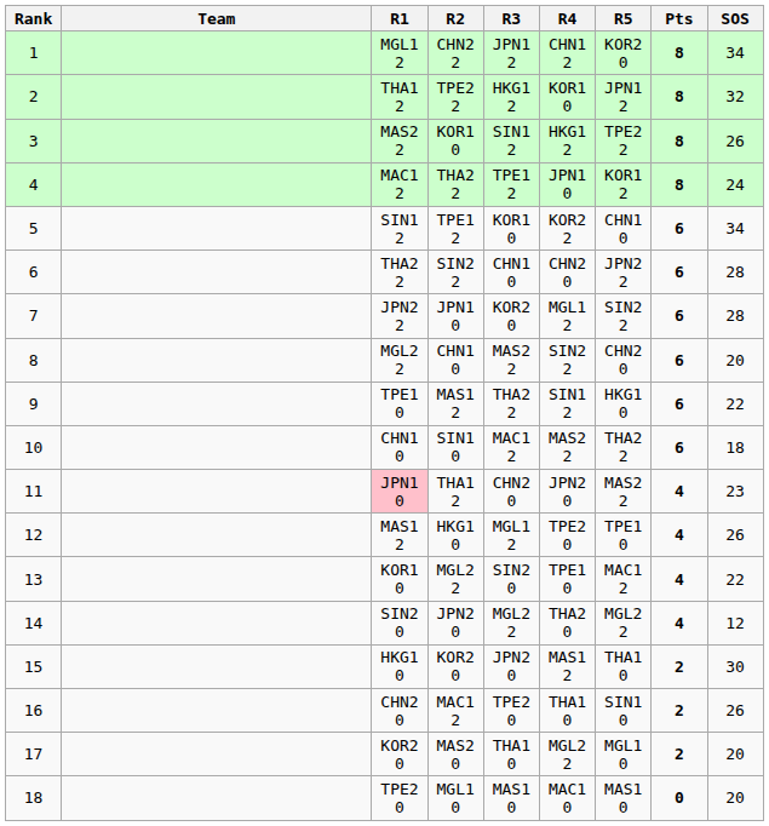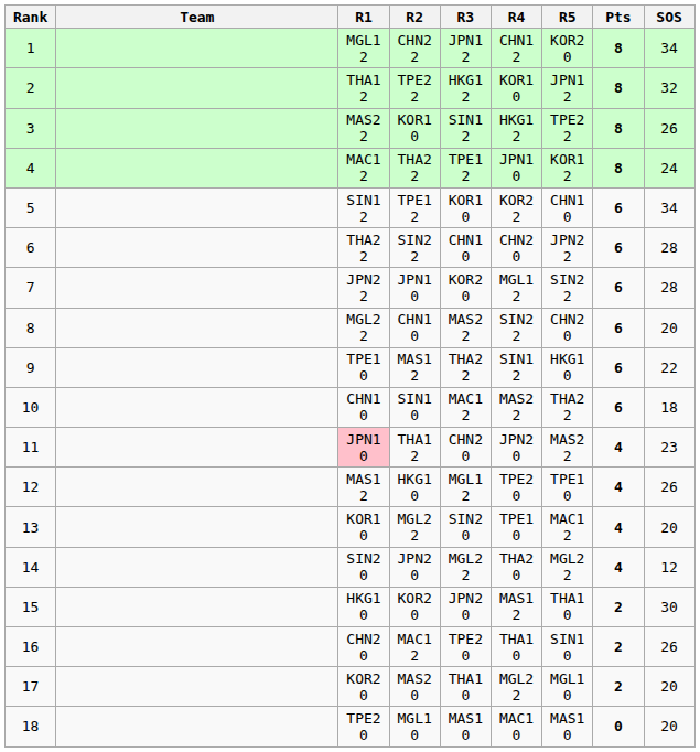 <table class=wikitable style="text-align:center">
 <tr>
 <th width=40>Rank</th>
 <th width=250>Team</th>
 <th width=40>R1</th>
 <th width=40>R2</th>
 <th width=40>R3</th>
 <th width=40>R4</th>
 <th width=40>R5</th>
 <th width=40>Pts</th>
 <th width=40>SOS</th>
 </tr>
 <tr bgcolor="ccffcc">
 <td>1</td>
 <td align=left><br></td>
 <td>MGL1<br>2</td>
 <td>CHN2<br>2</td>
 <td>JPN1<br>2</td>
 <td>CHN1<br>2</td>
 <td>KOR2<br>0</td>
 <td><strong>8</strong></td>
 <td>34</td>
 </tr>
 <tr bgcolor="ccffcc">
 <td>2</td>
 <td align=left><br></td>
 <td>THA1<br>2</td>
 <td>TPE2<br>2</td>
 <td>HKG1<br>2</td>
 <td>KOR1<br>0</td>
 <td>JPN1<br>2</td>
 <td><strong>8</strong></td>
 <td>32</td>
 </tr>
 <tr bgcolor="ccffcc">
 <td>3</td>
 <td align=left><br></td>
 <td>MAS2<br>2</td>
 <td>KOR1<br>0</td>
 <td>SIN1<br>2</td>
 <td>HKG1<br>2</td>
 <td>TPE2<br>2</td>
 <td><strong>8</strong></td>
 <td>26</td>
 </tr>
 <tr bgcolor="ccffcc">
 <td>4</td>
 <td align=left><br></td>
 <td>MAC1<br>2</td>
 <td>THA2<br>2</td>
 <td>TPE1<br>2</td>
 <td>JPN1<br>0</td>
 <td>KOR1<br>2</td>
 <td><strong>8</strong></td>
 <td>24</td>
 </tr>
 <tr>
 <td>5</td>
 <td align=left><br></td>
 <td>SIN1<br>2</td>
 <td>TPE1<br>2</td>
 <td>KOR1<br>0</td>
 <td>KOR2<br>2</td>
 <td>CHN1<br>0</td>
 <td><strong>6</strong></td>
 <td>34</td>
 </tr>
 <tr>
 <td>6</td>
 <td align=left><br></td>
 <td>THA2<br>2</td>
 <td>SIN2<br>2</td>
 <td>CHN1<br>0</td>
 <td>CHN2<br>0</td>
 <td>JPN2<br>2</td>
 <td><strong>6</strong></td>
 <td>28</td>
 </tr>
 <tr>
 <td>7</td>
 <td align=left><br></td>
 <td>JPN2<br>2</td>
 <td>JPN1<br>0</td>
 <td>KOR2<br>0</td>
 <td>MGL1<br>2</td>
 <td>SIN2<br>2</td>
 <td><strong>6</strong></td>
 <td>28</td>
 </tr>
 <tr>
 <td>8</td>
 <td align=left><br></td>
 <td>MGL2<br>2</td>
 <td>CHN1<br>0</td>
 <td>MAS2<br>2</td>
 <td>SIN2<br>2</td>
 <td>CHN2<br>0</td>
 <td><strong>6</strong></td>
 <td>20</td>
 </tr>
 <tr>
 <td>9</td>
 <td align=left><br></td>
 <td>TPE1<br>0</td>
 <td>MAS1<br>2</td>
 <td>THA2<br>2</td>
 <td>SIN1<br>2</td>
 <td>HKG1<br>0</td>
 <td><strong>6</strong></td>
 <td>22</td>
 </tr>
 <tr>
 <td>10</td>
 <td align=left><br></td>
 <td>CHN1<br>0</td>
 <td>SIN1<br>0</td>
 <td>MAC1<br>2</td>
 <td>MAS2<br>2</td>
 <td>THA2<br>2</td>
 <td><strong>6</strong></td>
 <td>18</td>
 </tr>
 <tr>
 <td>11</td>
 <td align=left><br></td>
 <td style="background: pink;">JPN1<br>0</td>
 <td>THA1<br>2</td>
 <td>CHN2<br>0</td>
 <td>JPN2<br>0</td>
 <td>MAS2<br>2</td>
 <td><strong>4</strong></td>
 <td>23</td>
 </tr>
 <tr>
 <td>12</td>
 <td align=left><br></td>
 <td>MAS1<br>2</td>
 <td>HKG1<br>0</td>
 <td>MGL1<br>2</td>
 <td>TPE2<br>0</td>
 <td>TPE1<br>0</td>
 <td><strong>4</strong></td>
 <td>26</td>
 </tr>
 <tr>
 <td>13</td>
 <td align=left><br></td>
 <td>KOR1<br>0</td>
 <td>MGL2<br>2</td>
 <td>SIN2<br>0</td>
 <td>TPE1<br>0</td>
 <td>MAC1<br>2</td>
 <td><strong>4</strong></td>
-<td>22</td>
+<td>20</td>
 </tr>
 <tr>
 <td>14</td>
 <td align=left><br></td>
 <td>SIN2<br>0</td>
 <td>JPN2<br>0</td>
 <td>MGL2<br>2</td>
 <td>THA2<br>0</td>
 <td>MGL2<br>2</td>
 <td><strong>4</strong></td>
 <td>12</td>
 </tr>
 <tr>
 <td>15</td>
 <td align=left><br></td>
 <td>HKG1<br>0</td>
 <td>KOR2<br>0</td>
 <td>JPN2<br>0</td>
 <td>MAS1<br>2</td>
 <td>THA1<br>0</td>
 <td><strong>2</strong></td>
 <td>30</td>
 </tr>
 <tr>
 <td>16</td>
 <td align=left><br></td>
 <td>CHN2<br>0</td>
 <td>MAC1<br>2</td>
 <td>TPE2<br>0</td>
 <td>THA1<br>0</td>
 <td>SIN1<br>0</td>
 <td><strong>2</strong></td>
 <td>26</td>
 </tr>
 <tr>
 <td>17</td>
 <td align=left><br></td>
 <td>KOR2<br>0</td>
 <td>MAS2<br>0</td>
 <td>THA1<br>0</td>
 <td>MGL2<br>2</td>
 <td>MGL1<br>0</td>
 <td><strong>2</strong></td>
 <td>20</td>
 </tr>
 <tr>
 <td>18</td>
 <td align=left><br></td>
 <td>TPE2<br>0</td>
 <td>MGL1<br>0</td>
 <td>MAS1<br>0</td>
 <td>MAC1<br>0</td>
 <td>MAS1<br>0</td>
 <td><strong>0</strong></td>
 <td>20</td>
 </tr>
 </table>
